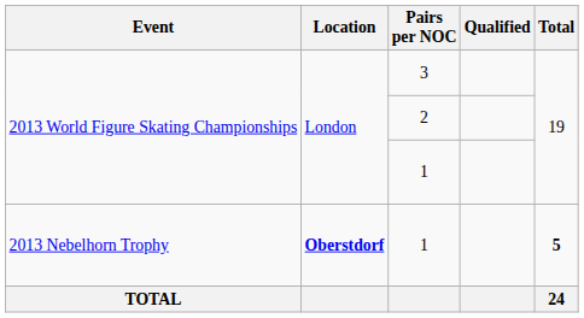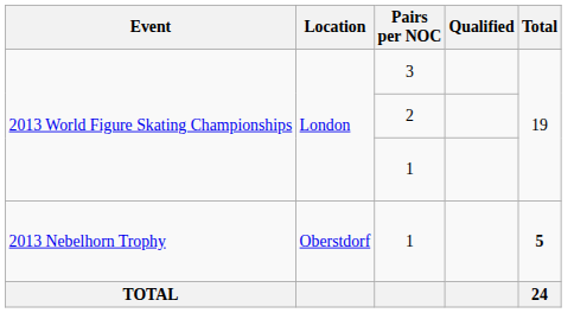 <table class="wikitable">
 <tr>
 <th>Event</th>
 <th>Location</th>
 <th>Pairs <br> per NOC</th>
 <th>Qualified</th>
 <th>Total</th>
 </tr>
 <tr>
 <td rowspan = 3><a href='#'>2013 World Figure Skating Championships</a></td>
 <td rowspan = 3> <a href='#'>London</a></td>
 <td align="center">3</td>
 <td><br><br></td>
 <td rowspan = 3 align="center">19</td>
 </tr>
 <tr>
 <td align="center">2</td>
 <td><br><br></td>
 </tr>
 <tr>
 <td align="center">1</td>
 <td><br><br><br></td>
 </tr>
 <tr>
 <td><a href='#'>2013 Nebelhorn Trophy</a></td>
-<td><strong> <a href='#'>Oberstdorf</a></strong></td>
+<td> <a href='#'>Oberstdorf</a></td>
 <td align="center">1</td>
 <td><br><br><br><br></td>
 <td align="center"><strong>5</strong></td>
 </tr>
 <tr>
 <th>TOTAL</th>
 <th></th>
 <th></th>
 <th></th>
 <th>24</th>
 </tr>
 </table>
